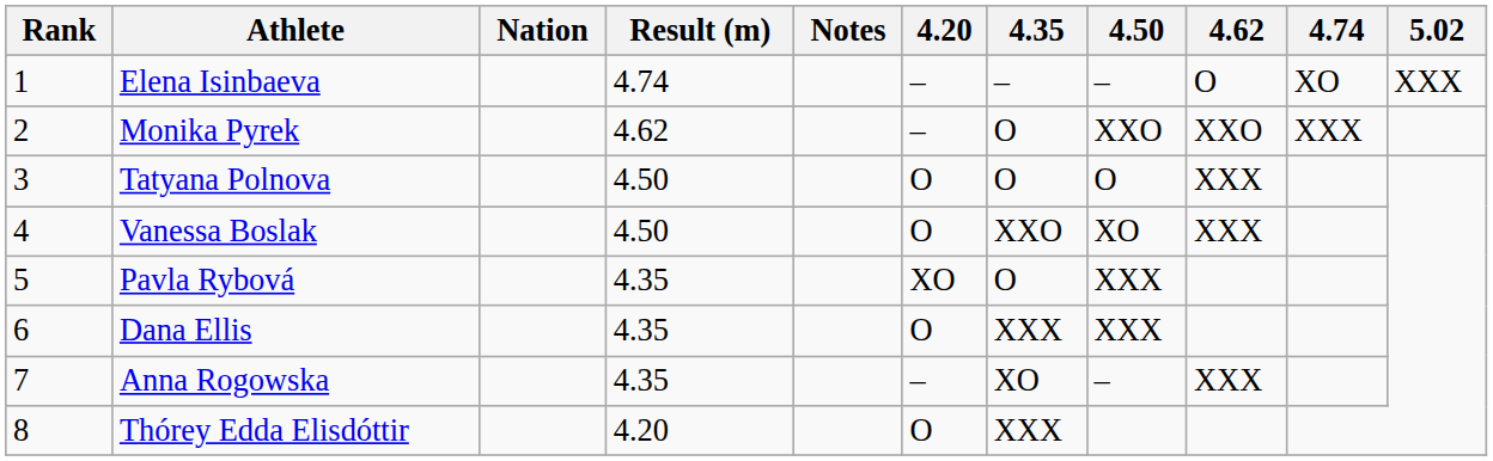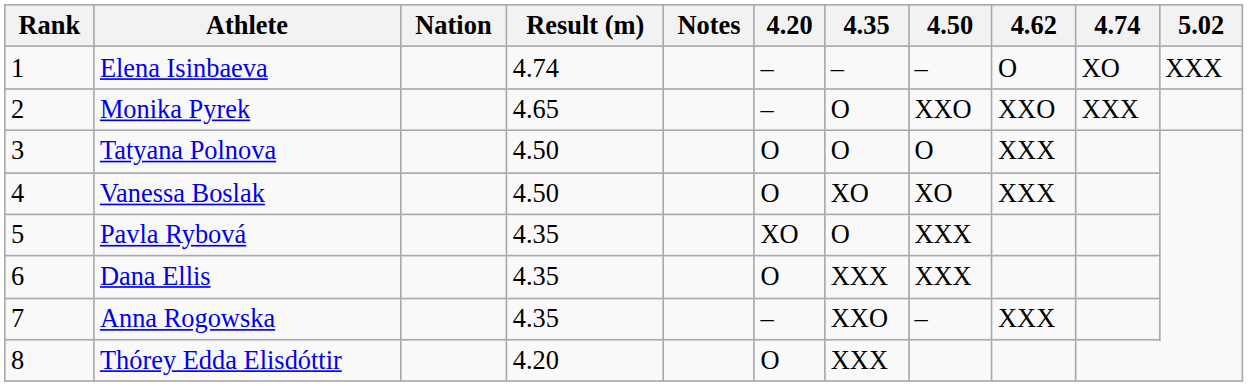 <table class="wikitable" style="text=align:center;" width=85%>
 <tr>
 <th>Rank</th>
 <th>Athlete</th>
 <th>Nation</th>
 <th>Result (m)</th>
 <th>Notes</th>
 <th>4.20</th>
 <th>4.35</th>
 <th>4.50</th>
 <th>4.62</th>
 <th>4.74</th>
 <th>5.02</th>
 </tr>
 <tr>
 <td>1</td>
 <td><a href='#'>Elena Isinbaeva</a></td>
 <td></td>
 <td>4.74</td>
 <td></td>
 <td>–</td>
 <td>–</td>
 <td>–</td>
 <td>O</td>
 <td>XO</td>
 <td>XXX</td>
 </tr>
 <tr>
 <td>2</td>
 <td><a href='#'>Monika Pyrek</a></td>
 <td></td>
-<td>4.62</td>
+<td>4.65</td>
 <td></td>
 <td>–</td>
 <td>O</td>
 <td>XXO</td>
 <td>XXO</td>
 <td>XXX</td>
 <td></td>
 </tr>
 <tr>
 <td>3</td>
 <td><a href='#'>Tatyana Polnova</a></td>
 <td></td>
 <td>4.50</td>
 <td></td>
 <td>O</td>
 <td>O</td>
 <td>O</td>
 <td>XXX</td>
 <td></td>
 </tr>
 <tr>
 <td>4</td>
 <td><a href='#'>Vanessa Boslak</a></td>
 <td></td>
 <td>4.50</td>
 <td></td>
 <td>O</td>
-<td>XXO</td>
+<td>XO</td>
 <td>XO</td>
 <td>XXX</td>
 <td></td>
 </tr>
 <tr>
 <td>5</td>
 <td><a href='#'>Pavla Rybová</a></td>
 <td></td>
 <td>4.35</td>
 <td></td>
 <td>XO</td>
 <td>O</td>
 <td>XXX</td>
 <td></td>
 <td></td>
 </tr>
 <tr>
 <td>6</td>
 <td><a href='#'>Dana Ellis</a></td>
 <td></td>
 <td>4.35</td>
 <td></td>
 <td>O</td>
 <td>XXX</td>
 <td>XXX</td>
 <td></td>
 <td></td>
 </tr>
 <tr>
 <td>7</td>
 <td><a href='#'>Anna Rogowska</a></td>
 <td></td>
 <td>4.35</td>
 <td></td>
 <td>–</td>
-<td>XO</td>
+<td>XXO</td>
 <td>–</td>
 <td>XXX</td>
 <td></td>
 </tr>
 <tr>
 <td>8</td>
 <td><a href='#'>Thórey Edda Elisdóttir</a></td>
 <td></td>
 <td>4.20</td>
 <td></td>
 <td>O</td>
 <td>XXX</td>
 <td></td>
 <td></td>
 </tr>
 </table>
